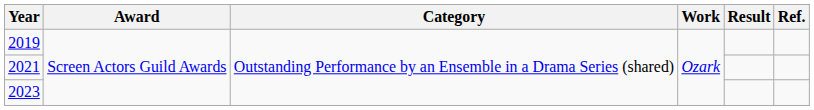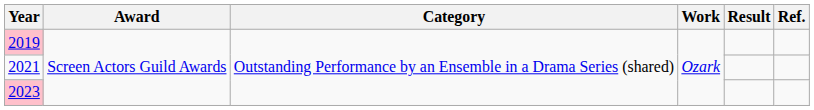 <table class="wikitable sortable">
 <tr>
 <th>Year</th>
 <th>Award</th>
 <th>Category</th>
 <th>Work</th>
 <th>Result</th>
 <th>Ref.</th>
 </tr>
 <tr>
-<td><a href='#'>2019</a></td>
+<td style="background: pink;"><a href='#'>2019</a></td>
 <td rowspan="3"><a href='#'>Screen Actors Guild Awards</a></td>
 <td rowspan="3"><a href='#'>Outstanding Performance by an Ensemble in a Drama Series</a> (shared)</td>
 <td rowspan="3"><a href='#'><em>Ozark</em></a></td>
 <td></td>
 <td></td>
 </tr>
 <tr>
 <td><a href='#'>2021</a></td>
 <td></td>
 <td></td>
 </tr>
 <tr>
-<td><a href='#'>2023</a></td>
+<td style="background: pink;"><a href='#'>2023</a></td>
 <td></td>
 <td></td>
 </tr>
 </table>
